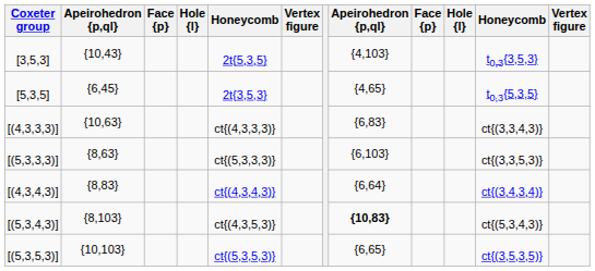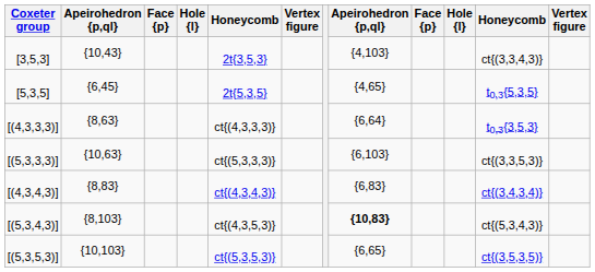 <table class=wikitable>
 <tr>
 <th><a href='#'>Coxeter<br>group</a></th>
 <th>Apeirohedron<br>{p,ql}</th>
 <th>Face<br>{p}</th>
 <th>Hole<br>{l}</th>
 <th>Honeycomb</th>
 <th>Vertex<br>figure</th>
 <th rowspan=8></th>
 <th>Apeirohedron<br>{p,ql}</th>
 <th>Face<br>{p}</th>
 <th>Hole<br>{l}</th>
 <th>Honeycomb</th>
 <th>Vertex<br>figure</th>
 </tr>
 <tr align=center>
 <td><br>[3,5,3]</td>
 <td>{10,43}</td>
 <td></td>
 <td></td>
-<td><br><a href='#'>2t{5,3,5}</a></td>
+<td><br><a href='#'>2t{3,5,3}</a></td>
 <td></td>
 <td>{4,103}</td>
 <td></td>
 <td></td>
-<td><br><a href='#'>t<sub>0,3</sub>{3,5,3}</a></td>
+<td><br>ct{(3,3,4,3)}</td>
 <td></td>
 </tr>
 <tr align=center>
 <td><br>[5,3,5]</td>
 <td>{6,45}</td>
 <td></td>
 <td></td>
-<td><br><a href='#'>2t{3,5,3}</a></td>
+<td><br><a href='#'>2t{5,3,5}</a></td>
 <td></td>
 <td>{4,65}</td>
 <td></td>
 <td></td>
 <td><br><a href='#'>t<sub>0,3</sub>{5,3,5}</a></td>
 <td></td>
 </tr>
 <tr align=center>
 <td><br>[(4,3,3,3)]</td>
-<td>{10,63}</td>
+<td>{8,63}</td>
 <td></td>
 <td></td>
 <td><br>ct{(4,3,3,3)}</td>
 <td></td>
-<td>{6,83}</td>
+<td>{6,64}</td>
 <td></td>
 <td></td>
-<td><br>ct{(3,3,4,3)}</td>
+<td><br><a href='#'>t<sub>0,3</sub>{3,5,3}</a></td>
 <td></td>
 </tr>
 <tr align=center>
 <td><br>[(5,3,3,3)]</td>
-<td>{8,63}</td>
+<td>{10,63}</td>
 <td></td>
 <td></td>
 <td><br>ct{(5,3,3,3)}</td>
 <td></td>
 <td>{6,103}</td>
 <td></td>
 <td></td>
 <td><br>ct{(3,3,5,3)}</td>
 <td></td>
 </tr>
 <tr align=center>
 <td><br>[(4,3,4,3)]</td>
 <td>{8,83}</td>
 <td></td>
 <td></td>
 <td><br><a href='#'>ct{(4,3,4,3)}</a></td>
 <td></td>
-<td>{6,64}</td>
+<td>{6,83}</td>
 <td></td>
 <td></td>
 <td><br><a href='#'>ct{(3,4,3,4)}</a></td>
 <td></td>
 </tr>
 <tr align=center>
 <td><br>[(5,3,4,3)]</td>
 <td>{8,103}</td>
 <td></td>
 <td></td>
 <td><br>ct{(4,3,5,3)}</td>
 <td></td>
 <td><strong>{10,83}</strong></td>
 <td></td>
 <td></td>
 <td><br>ct{(5,3,4,3)}</td>
 <td></td>
 </tr>
 <tr align=center>
 <td><br>[(5,3,5,3)]</td>
 <td>{10,103}</td>
 <td></td>
 <td></td>
 <td><br><a href='#'>ct{(5,3,5,3)}</a></td>
 <td></td>
 <td>{6,65}</td>
 <td></td>
 <td></td>
 <td><br><a href='#'>ct{(3,5,3,5)}</a></td>
 <td></td>
 </tr>
 </table>
